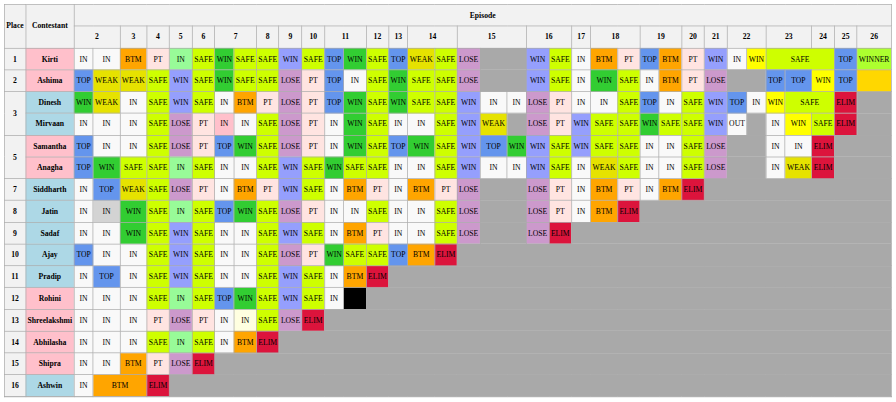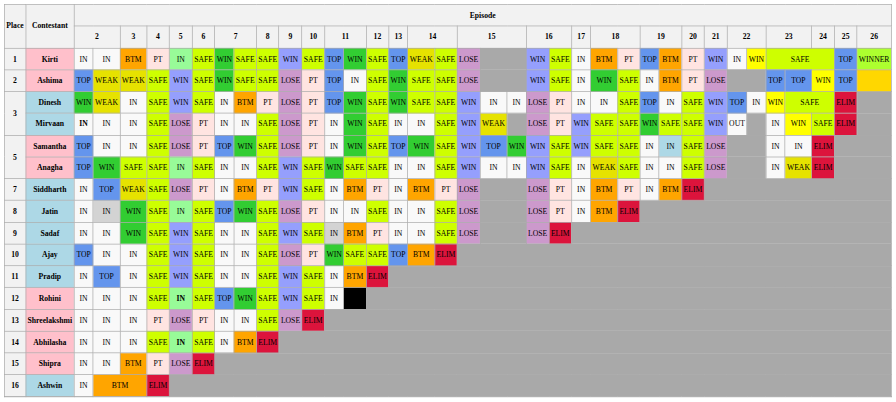 <table class="wikitable" style="text-align: center; font-size: 8pt; line-height:25px;">
 <tr>
 <th rowspan="2">Place</th>
 <th rowspan="2">Contestant</th>
 <th colspan="36">Episode</th>
 </tr>
 <tr>
 <th colspan="2">2</th>
 <th>3</th>
 <th>4</th>
 <th>5</th>
 <th>6</th>
 <th colspan="2">7</th>
 <th>8</th>
 <th>9</th>
 <th>10</th>
 <th colspan="2">11</th>
 <th>12</th>
 <th>13</th>
 <th colspan="2">14</th>
 <th colspan="3">15</th>
 <th colspan="2">16</th>
 <th>17</th>
 <th colspan="2">18</th>
 <th colspan="2">19</th>
 <th>20</th>
 <th>21</th>
 <th colspan="2">22</th>
 <th colspan="2">23</th>
 <th>24</th>
 <th>25</th>
 <th>26</th>
 </tr>
 <tr>
 <th>1</th>
 <th style="background:pink;">Kirti</th>
 <td>IN</td>
 <td>IN</td>
 <td style="background:orange;">BTM</td>
 <td style="background:mistyrose;">PT</td>
 <td style="background:palegreen;">IN</td>
 <td style="background:#CEFF00;">SAFE</td>
 <td style="background:limegreen;">WIN</td>
 <td style="background:#CEFF00;">SAFE</td>
 <td style="background:#CEFF00;">SAFE</td>
 <td style="background:#959FFD;">WIN</td>
 <td style="background:#CEFF00;">SAFE</td>
 <td style="background:cornflowerblue;">TOP</td>
 <td style="background:limegreen;">WIN</td>
 <td style="background:#CEFF00;">SAFE</td>
 <td style="background:cornflowerblue;">TOP</td>
 <td style="background:#E6E200;">WEAK</td>
 <td style="background:#CEFF00;">SAFE</td>
 <td style="background:#CC99CC;">LOSE</td>
 <td style="background:darkgrey;" colspan="2"></td>
 <td style="background:#959FFD;">WIN</td>
 <td style="background:#CEFF00;">SAFE</td>
 <td>IN</td>
 <td style="background:orange;">BTM</td>
 <td style="background:mistyrose;">PT</td>
 <td style="background:cornflowerblue;">TOP</td>
 <td style="background:orange;">BTM</td>
 <td style="background:mistyrose;">PT</td>
 <td style="background:#959FFD;">WIN</td>
 <td>IN</td>
 <td style="background:yellow;">WIN</td>
 <td colspan="3" style="background:#CEFF00;">SAFE</td>
 <td style="background:cornflowerblue;">TOP</td>
 <td style="background:#ADFF2F;">WINNER</td>
 </tr>
 <tr>
 <th>2</th>
 <th style="background:pink;">Ashima</th>
 <td style="background:cornflowerblue;">TOP</td>
 <td style="background:#E6E200;">WEAK</td>
 <td style="background:#E6E200;">WEAK</td>
 <td style="background:#CEFF00;">SAFE</td>
 <td style="background:#959FFD;">WIN</td>
 <td style="background:#CEFF00;">SAFE</td>
 <td style="background:limegreen;">WIN</td>
 <td style="background:#CEFF00;">SAFE</td>
 <td style="background:#CEFF00;">SAFE</td>
 <td style="background:#CC99CC;">LOSE</td>
 <td style="background:mistyrose;">PT</td>
 <td style="background:cornflowerblue;">TOP</td>
 <td>IN</td>
 <td style="background:#CEFF00;">SAFE</td>
 <td style="background:limegreen;">WIN</td>
 <td style="background:#CEFF00;">SAFE</td>
 <td style="background:#CEFF00;">SAFE</td>
 <td style="background:#CC99CC;">LOSE</td>
 <td style="background:darkgrey;" colspan="2"></td>
 <td style="background:#959FFD;">WIN</td>
 <td style="background:#CEFF00;">SAFE</td>
 <td>IN</td>
 <td style="background:limegreen;">WIN</td>
 <td style="background:#CEFF00;">SAFE</td>
 <td>IN</td>
 <td style="background:orange;">BTM</td>
 <td style="background:mistyrose;">PT</td>
 <td style="background:#CC99CC;">LOSE</td>
 <td style="background:darkgrey;" colspan="2"></td>
 <td style="background:cornflowerblue;">TOP</td>
 <td style="background:cornflowerblue;">TOP</td>
 <td style="background:yellow;">WIN</td>
 <td style="background:cornflowerblue;">TOP</td>
 <td style="background:gold;"></td>
 </tr>
 <tr>
 <th rowspan="2">3</th>
 <th style="background:lightblue;">Dinesh</th>
 <td style="background:limegreen;">WIN</td>
 <td style="background:#E6E200;">WEAK</td>
 <td>IN</td>
 <td style="background:#CEFF00;">SAFE</td>
 <td style="background:#959FFD;">WIN</td>
 <td style="background:#CEFF00;">SAFE</td>
 <td>IN</td>
 <td style="background:orange;">BTM</td>
 <td style="background:mistyrose;">PT</td>
 <td style="background:#CC99CC;">LOSE</td>
 <td style="background:mistyrose;">PT</td>
 <td style="background:cornflowerblue;">TOP</td>
 <td style="background:limegreen;">WIN</td>
 <td style="background:#CEFF00;">SAFE</td>
 <td style="background:limegreen;">WIN</td>
 <td style="background:#CEFF00;">SAFE</td>
 <td style="background:#CEFF00;">SAFE</td>
 <td style="background:#959FFD;">WIN</td>
 <td>IN</td>
 <td>IN</td>
 <td style="background:#CC99CC;">LOSE</td>
 <td style="background:mistyrose;">PT</td>
 <td>IN</td>
 <td>IN</td>
 <td style="background:#CEFF00;">SAFE</td>
 <td style="background:cornflowerblue;">TOP</td>
 <td>IN</td>
 <td style="background:#CEFF00;">SAFE</td>
 <td style="background:#959FFD;">WIN</td>
 <td style="background:cornflowerblue;">TOP</td>
 <td>IN</td>
 <td style="background:yellow;">WIN</td>
 <td colspan="2" style="background:#CEFF00;">SAFE</td>
 <td style="background:crimson;">ELIM</td>
 <td style="background:darkgrey;" colspan="1"></td>
 </tr>
 <tr>
 <th style="background:lightblue;">Mirvaan</th>
-<td>IN</td>
+<td><strong>IN</strong></td>
 <td>IN</td>
 <td>IN</td>
 <td style="background:#CEFF00;">SAFE</td>
 <td style="background:#CC99CC;">LOSE</td>
 <td style="background:mistyrose;">PT</td>
-<td style="background: pink;">IN</td>
+<td>IN</td>
 <td>IN</td>
 <td style="background:#CEFF00;">SAFE</td>
 <td style="background:#CC99CC;">LOSE</td>
 <td style="background:mistyrose;">PT</td>
 <td>IN</td>
 <td style="background:limegreen;">WIN</td>
 <td style="background:#CEFF00;">SAFE</td>
 <td>IN</td>
 <td>IN</td>
 <td style="background:#CEFF00;">SAFE</td>
 <td style="background:#959FFD;">WIN</td>
 <td style="background:#E6E200;">WEAK</td>
 <td style="background:darkgrey;" colspan="1"></td>
 <td style="background:#CC99CC;">LOSE</td>
 <td style="background:mistyrose;">PT</td>
 <td style="background:#959FFD;">WIN</td>
 <td style="background:#CEFF00;">SAFE</td>
 <td style="background:#CEFF00;">SAFE</td>
 <td style="background:limegreen;">WIN</td>
 <td style="background:#CEFF00;">SAFE</td>
 <td style="background:#CEFF00;">SAFE</td>
 <td style="background:#959FFD;">WIN</td>
 <td>OUT</td>
 <td style="background:darkgrey;" colspan="1"></td>
 <td>IN</td>
 <td style="background:yellow;">WIN</td>
 <td style="background:#CEFF00;">SAFE</td>
 <td style="background:crimson;">ELIM</td>
 <td style="background:darkgrey;" colspan="1"></td>
 </tr>
 <tr>
 <th rowspan="2">5</th>
 <th style="background:pink;">Samantha</th>
 <td style="background:cornflowerblue;">TOP</td>
 <td>IN</td>
 <td>IN</td>
 <td style="background:#CEFF00;">SAFE</td>
 <td style="background:#CC99CC;">LOSE</td>
 <td style="background:mistyrose;">PT</td>
 <td style="background:cornflowerblue;">TOP</td>
 <td style="background:limegreen;">WIN</td>
 <td style="background:#CEFF00;">SAFE</td>
 <td style="background:#CC99CC;">LOSE</td>
 <td style="background:mistyrose;">PT</td>
 <td>IN</td>
 <td style="background:limegreen;">WIN</td>
 <td style="background:#CEFF00;">SAFE</td>
 <td style="background:cornflowerblue;">TOP</td>
 <td style="background:limegreen;">WIN</td>
 <td style="background:#CEFF00;">SAFE</td>
 <td style="background:#959FFD;">WIN</td>
 <td style="background:cornflowerblue;">TOP</td>
 <td style="background:limegreen;">WIN</td>
 <td style="background:#959FFD;">WIN</td>
 <td style="background:#CEFF00;">SAFE</td>
 <td style="background:#959FFD;">WIN</td>
 <td style="background:#CEFF00;">SAFE</td>
 <td style="background:#CEFF00;">SAFE</td>
 <td>IN</td>
-<td>IN</td>
+<td style="background: lightblue;">IN</td>
 <td style="background:#CEFF00;">SAFE</td>
 <td style="background:#CC99CC;">LOSE</td>
 <td style="background:darkgrey;" colspan="2"></td>
 <td>IN</td>
 <td>IN</td>
 <td style="background:crimson;">ELIM</td>
 <td style="background:darkgrey;" colspan="2"></td>
 </tr>
 <tr>
 <th style="background:pink;">Anagha</th>
 <td style="background:cornflowerblue;">TOP</td>
 <td style="background:limegreen;">WIN</td>
 <td style="background:#CEFF00;">SAFE</td>
 <td style="background:#CEFF00;">SAFE</td>
 <td style="background:palegreen;">IN</td>
 <td style="background:#CEFF00;">SAFE</td>
 <td>IN</td>
 <td>IN</td>
 <td style="background:#CEFF00;">SAFE</td>
 <td style="background:#959FFD;">WIN</td>
 <td style="background:#CEFF00;">SAFE</td>
 <td style="background:limegreen;">WIN</td>
 <td style="background:#CEFF00;">SAFE</td>
 <td style="background:#CEFF00;">SAFE</td>
 <td>IN</td>
 <td>IN</td>
 <td style="background:#CEFF00;">SAFE</td>
 <td style="background:#959FFD;">WIN</td>
 <td>IN</td>
 <td>IN</td>
 <td style="background:#959FFD;">WIN</td>
 <td style="background:#CEFF00;">SAFE</td>
 <td>IN</td>
 <td style="background:#E6E200;">WEAK</td>
 <td style="background:#CEFF00;">SAFE</td>
 <td>IN</td>
 <td>IN</td>
 <td style="background:#CEFF00;">SAFE</td>
 <td style="background:#CC99CC;">LOSE</td>
 <td style="background:darkgrey;" colspan="2"></td>
 <td>IN</td>
 <td style="background:#E6E200;">WEAK</td>
 <td style="background:crimson;">ELIM</td>
 <td style="background:darkgrey;" colspan="2"></td>
 </tr>
 <tr>
 <th>7</th>
 <th style="background:lightblue;">Siddharth</th>
 <td>IN</td>
 <td style="background:cornflowerblue;">TOP</td>
 <td style="background:#E6E200;">WEAK</td>
 <td style="background:#CEFF00;">SAFE</td>
 <td style="background:#CC99CC;">LOSE</td>
 <td style="background:mistyrose;">PT</td>
 <td>IN</td>
 <td style="background:orange;">BTM</td>
 <td style="background:mistyrose;">PT</td>
 <td style="background:#959FFD;">WIN</td>
 <td style="background:#CEFF00;">SAFE</td>
 <td>IN</td>
 <td style="background:orange;">BTM</td>
 <td style="background:mistyrose;">PT</td>
 <td>IN</td>
 <td style="background:orange;">BTM</td>
 <td style="background:mistyrose;">PT</td>
 <td style="background:#CC99CC;">LOSE</td>
 <td style="background:darkgrey;" colspan="2"></td>
 <td style="background:#CC99CC;">LOSE</td>
 <td style="background:mistyrose;">PT</td>
 <td>IN</td>
 <td style="background:orange;">BTM</td>
 <td style="background:mistyrose;">PT</td>
 <td>IN</td>
 <td style="background:orange;">BTM</td>
 <td style="background:crimson;">ELIM</td>
 <td style="background:darkgrey;" colspan="8"></td>
 </tr>
 <tr>
 <th>8</th>
 <th style="background:lightblue;">Jatin</th>
 <td>IN</td>
 <td style="background: lightgrey;">IN</td>
 <td style="background:limegreen;">WIN</td>
 <td style="background:#CEFF00;">SAFE</td>
 <td style="background:palegreen;">IN</td>
 <td style="background:#CEFF00;">SAFE</td>
 <td style="background:cornflowerblue;">TOP</td>
 <td style="background:limegreen;">WIN</td>
 <td style="background:#CEFF00;">SAFE</td>
 <td style="background:#CC99CC;">LOSE</td>
 <td style="background:mistyrose;">PT</td>
 <td>IN</td>
 <td>IN</td>
 <td style="background:#CEFF00;">SAFE</td>
 <td>IN</td>
 <td>IN</td>
 <td style="background:#CEFF00;">SAFE</td>
 <td style="background:#CC99CC;">LOSE</td>
 <td style="background:darkgrey;" colspan="2"></td>
 <td style="background:#CC99CC;">LOSE</td>
 <td style="background:mistyrose;">PT</td>
 <td>IN</td>
 <td style="background:orange;">BTM</td>
 <td style="background:crimson;">ELIM</td>
 <td style="background:darkgrey;" colspan="11"></td>
 </tr>
 <tr>
 <th>9</th>
 <th style="background:lightblue;">Sadaf</th>
 <td>IN</td>
 <td>IN</td>
 <td style="background:limegreen;">WIN</td>
 <td style="background:#CEFF00;">SAFE</td>
 <td style="background:#959FFD;">WIN</td>
 <td style="background:#CEFF00;">SAFE</td>
 <td>IN</td>
 <td>IN</td>
 <td style="background:#CEFF00;">SAFE</td>
 <td style="background:#959FFD;">WIN</td>
 <td style="background:#CEFF00;">SAFE</td>
-<td>IN</td>
+<td style="background: lightgrey;">IN</td>
 <td style="background:orange;">BTM</td>
 <td style="background:mistyrose;">PT</td>
 <td>IN</td>
 <td>IN</td>
 <td style="background:#CEFF00;">SAFE</td>
 <td style="background:#CC99CC;">LOSE</td>
 <td style="background:darkgrey;" colspan="2"></td>
 <td style="background:#CC99CC;">LOSE</td>
 <td style="background:crimson;">ELIM</td>
 <td style="background:darkgrey;" colspan="14"></td>
 </tr>
 <tr>
 <th>10</th>
 <th style="background:lightblue;">Ajay</th>
 <td style="background:cornflowerblue;">TOP</td>
 <td>IN</td>
 <td>IN</td>
 <td style="background:#CEFF00;">SAFE</td>
 <td style="background:#959FFD;">WIN</td>
 <td style="background:#CEFF00;">SAFE</td>
 <td>IN</td>
 <td>IN</td>
 <td style="background:#CEFF00;">SAFE</td>
 <td style="background:#CC99CC;">LOSE</td>
 <td style="background:mistyrose;">PT</td>
 <td style="background:limegreen;">WIN</td>
 <td style="background:#CEFF00;">SAFE</td>
 <td style="background:#CEFF00;">SAFE</td>
 <td style="background:cornflowerblue;">TOP</td>
 <td style="background:orange;">BTM</td>
 <td style="background:crimson;">ELIM</td>
 <td style="background:darkgrey;" colspan="19"></td>
 </tr>
 <tr>
 <th>11</th>
 <th style="background:lightblue;">Pradip</th>
 <td>IN</td>
 <td style="background:cornflowerblue;">TOP</td>
 <td>IN</td>
 <td style="background:#CEFF00;">SAFE</td>
 <td style="background:#959FFD;">WIN</td>
 <td style="background:#CEFF00;">SAFE</td>
 <td>IN</td>
 <td>IN</td>
 <td style="background:#CEFF00;">SAFE</td>
 <td style="background:#959FFD;">WIN</td>
 <td style="background:#CEFF00;">SAFE</td>
 <td>IN</td>
 <td style="background:orange;">BTM</td>
 <td style="background:crimson;">ELIM</td>
 <td style="background:darkgrey;" colspan="22"></td>
 </tr>
 <tr>
 <th>12</th>
 <th style="background:pink;">Rohini</th>
 <td>IN</td>
 <td>IN</td>
 <td>IN</td>
 <td style="background:#CEFF00;">SAFE</td>
-<td style="background:palegreen;">IN</td>
+<td style="background:palegreen;"><strong>IN</strong></td>
 <td style="background:#CEFF00;">SAFE</td>
 <td style="background:cornflowerblue;">TOP</td>
 <td style="background:limegreen;">WIN</td>
 <td style="background:#CEFF00;">SAFE</td>
 <td style="background:#959FFD;">WIN</td>
 <td style="background:#CEFF00;">SAFE</td>
 <td>IN</td>
 <td style="background:black;"></td>
 <td style="background:darkgrey;" colspan="23"></td>
 </tr>
 <tr>
 <th>13</th>
 <th style="background:pink;">Shreelakshmi</th>
 <td>IN</td>
 <td>IN</td>
 <td>IN</td>
 <td style="background:mistyrose;">PT</td>
 <td style="background:#CC99CC;">LOSE</td>
 <td style="background:mistyrose;">PT</td>
 <td>IN</td>
-<td style="background: lightyellow;">IN</td>
+<td>IN</td>
 <td style="background:#CEFF00;">SAFE</td>
 <td style="background:#CC99CC;">LOSE</td>
 <td style="background:crimson;">ELIM</td>
 <td style="background:darkgrey;" colspan="25"></td>
 </tr>
 <tr>
 <th>14</th>
 <th style="background:pink;">Abhilasha</th>
 <td>IN</td>
 <td>IN</td>
 <td>IN</td>
 <td style="background:#CEFF00;">SAFE</td>
-<td style="background:palegreen;">IN</td>
+<td style="background:palegreen;"><strong>IN</strong></td>
 <td style="background:#CEFF00;">SAFE</td>
 <td>IN</td>
 <td style="background:orange;">BTM</td>
 <td style="background:crimson;">ELIM</td>
 <td style="background:darkgrey;" colspan="27"></td>
 </tr>
 <tr>
 <th>15</th>
 <th style="background:pink;">Shipra</th>
 <td>IN</td>
 <td>IN</td>
 <td style="background:orange;">BTM</td>
 <td style="background:mistyrose;">PT</td>
 <td style="background:#CC99CC;">LOSE</td>
 <td style="background:crimson;">ELIM</td>
 <td style="background:darkgrey;" colspan="30"></td>
 </tr>
 <tr>
 <th>16</th>
 <th style="background:lightblue;">Ashwin</th>
 <td>IN</td>
 <td colspan="2" style="background:orange;">BTM</td>
 <td style="background:crimson;">ELIM</td>
 <td style="background:darkgrey;" colspan="32"></td>
 </tr>
 <tr>
 </tr>
 </table>
